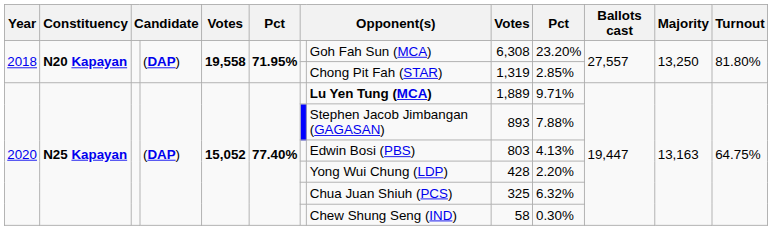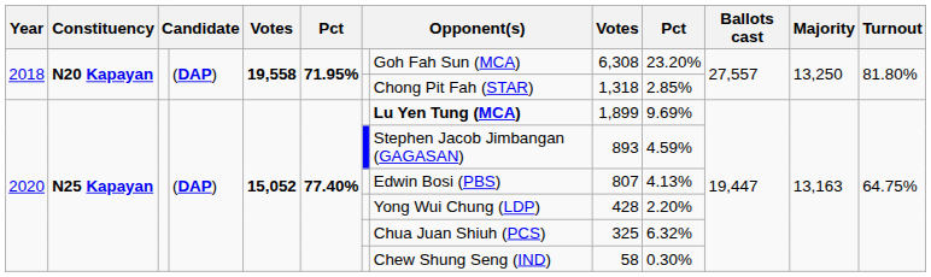 <table class="wikitable" style="margin:0.5em ; font-size:95%">
 <tr>
 <th>Year</th>
 <th>Constituency</th>
 <th colspan=2>Candidate</th>
 <th>Votes</th>
 <th>Pct</th>
 <th colspan=2>Opponent(s)</th>
 <th>Votes</th>
 <th>Pct</th>
 <th>Ballots cast</th>
 <th>Majority</th>
 <th>Turnout</th>
 </tr>
 <tr>
 <td rowspan=2><a href='#'>2018</a></td>
 <td rowspan=2><strong>N20 <a href='#'>Kapayan</a></strong></td>
 <td rowspan=2 ></td>
 <td rowspan=2> (<a href='#'><strong>DAP</strong></a>)</td>
 <td rowspan=2 align="right"><strong>19,558</strong></td>
 <td rowspan=2><strong>71.95%</strong></td>
 <td></td>
 <td>Goh Fah Sun (<a href='#'>MCA</a>)</td>
 <td align="right">6,308</td>
 <td>23.20%</td>
 <td rowspan=2>27,557</td>
 <td rowspan=2>13,250</td>
 <td rowspan=2>81.80%</td>
 </tr>
 <tr>
 <td></td>
 <td>Chong Pit Fah (<a href='#'>STAR</a>)</td>
-<td align="right">1,319</td>
+<td align="right">1,318</td>
 <td>2.85%</td>
 </tr>
 <tr>
 <td rowspan=6><a href='#'>2020</a></td>
 <td rowspan=6><strong>N25 <a href='#'>Kapayan</a></strong></td>
 <td rowspan=6 ></td>
 <td rowspan=6> (<a href='#'><strong>DAP</strong></a>)</td>
 <td rowspan=6 align="right"><strong>15,052</strong></td>
 <td rowspan=6><strong>77.40%</strong></td>
 <td></td>
 <td><strong>Lu Yen Tung (<a href='#'>MCA</a>)</strong></td>
-<td align="right">1,889</td>
-<td>9.71%</td>
+<td align="right">1,899</td>
+<td>9.69%</td>
 <td rowspan=6>19,447</td>
 <td rowspan=6>13,163</td>
 <td rowspan=6>64.75%</td>
 </tr>
 <tr>
 <td bgcolor=blue></td>
 <td>Stephen Jacob Jimbangan (<a href='#'>GAGASAN</a>)</td>
 <td align="right">893</td>
-<td>7.88%</td>
+<td>4.59%</td>
 </tr>
 <tr>
 <td></td>
 <td>Edwin Bosi (<a href='#'>PBS</a>)</td>
-<td align="right">803</td>
+<td align="right">807</td>
 <td>4.13%</td>
 </tr>
 <tr>
 <td></td>
 <td>Yong Wui Chung (<a href='#'>LDP</a>)</td>
 <td align="right">428</td>
 <td>2.20%</td>
 </tr>
 <tr>
 <td></td>
 <td>Chua Juan Shiuh (<a href='#'>PCS</a>)</td>
 <td align="right">325</td>
 <td>6.32%</td>
 </tr>
 <tr>
 <td></td>
 <td>Chew Shung Seng (<a href='#'>IND</a>)</td>
 <td align="right">58</td>
 <td>0.30%</td>
 </tr>
 </table>
